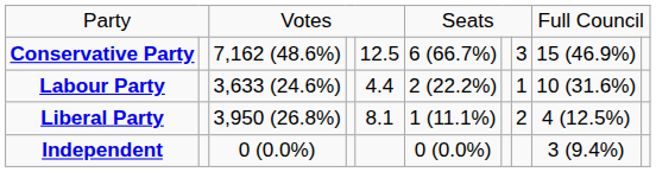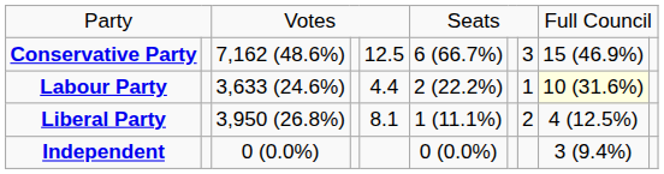 <table class=wikitable style="text-align:center;">
 <tr>
 <td colspan=2>Party</td>
 <td colspan=3>Votes</td>
 <td colspan=3>Seats</td>
 <td colspan=3>Full Council</td>
 </tr>
 <tr>
 <td><strong><a href='#'>Conservative Party</a></strong></td>
 <td style="background:"></td>
 <td>7,162 (48.6%)</td>
 <td></td>
 <td> 12.5</td>
 <td>6 (66.7%)</td>
 <td></td>
 <td> 3</td>
 <td>15 (46.9%)</td>
 <td></td>
 </tr>
 <tr>
 <td><strong><a href='#'>Labour Party</a></strong></td>
 <td style="background:"></td>
 <td>3,633 (24.6%)</td>
 <td></td>
 <td> 4.4</td>
 <td>2 (22.2%)</td>
 <td></td>
 <td> 1</td>
-<td>10 (31.6%)</td>
+<td style="background: lightyellow;">10 (31.6%)</td>
 <td></td>
 </tr>
 <tr>
 <td><strong><a href='#'>Liberal Party</a></strong></td>
 <td style="background:"></td>
 <td>3,950 (26.8%)</td>
 <td></td>
 <td> 8.1</td>
 <td>1 (11.1%)</td>
 <td></td>
 <td> 2</td>
 <td>4 (12.5%)</td>
 <td></td>
 </tr>
 <tr>
 <td><strong><a href='#'>Independent</a></strong></td>
 <td style="background:"></td>
 <td>0 (0.0%)</td>
 <td></td>
 <td></td>
 <td>0 (0.0%)</td>
 <td></td>
 <td></td>
 <td>3 (9.4%)</td>
 <td></td>
 </tr>
 </table>
